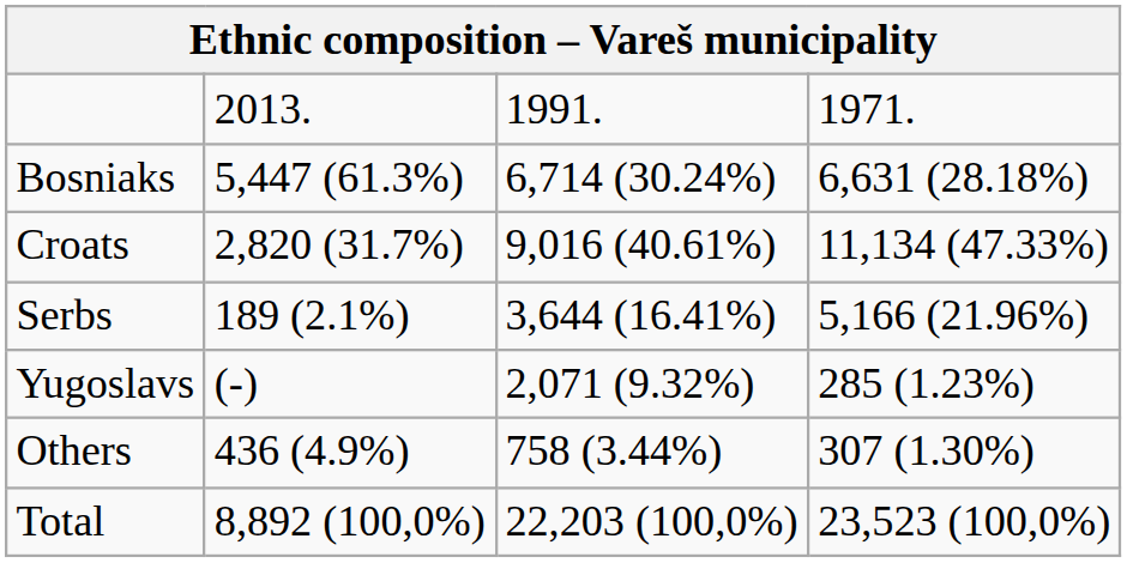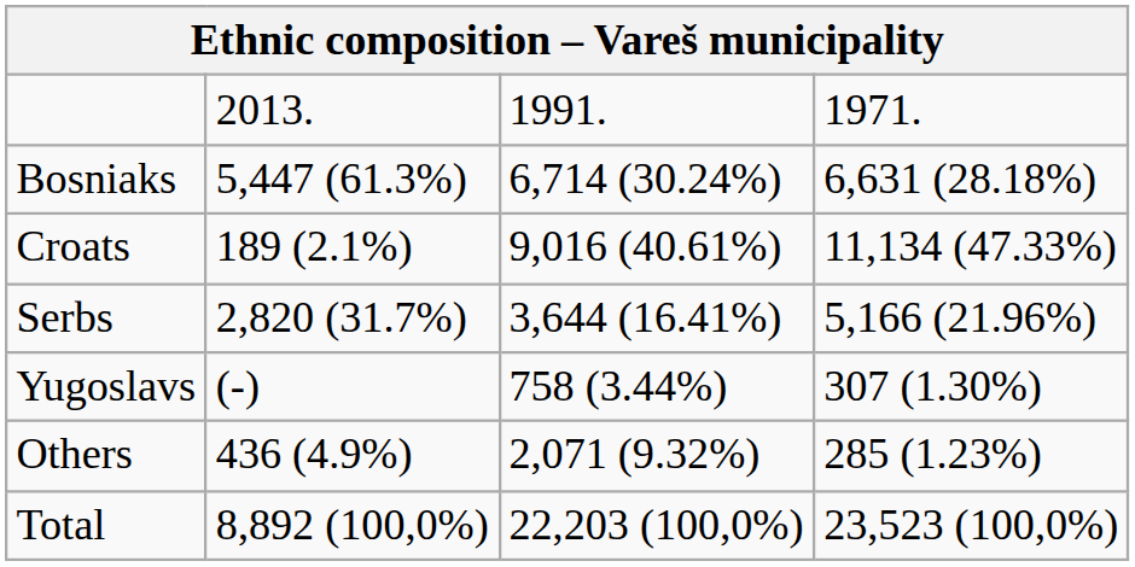 <table class="wikitable">
 <tr>
 <th colspan="8">Ethnic composition – Vareš municipality</th>
 </tr>
 <tr>
 <td></td>
 <td>2013.</td>
 <td>1991.</td>
 <td>1971.</td>
 </tr>
 <tr>
 <td>Bosniaks</td>
 <td>5,447 (61.3%)</td>
 <td>6,714 (30.24%)</td>
 <td>6,631 (28.18%)</td>
 </tr>
 <tr>
 <td>Croats</td>
-<td>2,820 (31.7%)</td>
+<td>189 (2.1%)</td>
 <td>9,016 (40.61%)</td>
 <td>11,134 (47.33%)</td>
 </tr>
 <tr>
 <td>Serbs</td>
-<td>189 (2.1%)</td>
+<td>2,820 (31.7%)</td>
 <td>3,644 (16.41%)</td>
 <td>5,166 (21.96%)</td>
 </tr>
 <tr>
 <td>Yugoslavs</td>
 <td>(-)</td>
-<td>2,071 (9.32%)</td>
-<td>285 (1.23%)</td>
+<td>758 (3.44%)</td>
+<td>307 (1.30%)</td>
 </tr>
 <tr>
 <td>Others</td>
 <td>436 (4.9%)</td>
-<td>758 (3.44%)</td>
-<td>307 (1.30%)</td>
+<td>2,071 (9.32%)</td>
+<td>285 (1.23%)</td>
 </tr>
 <tr>
 <td>Total</td>
 <td>8,892 (100,0%)</td>
 <td>22,203 (100,0%)</td>
 <td>23,523 (100,0%)</td>
 </tr>
 </table>
